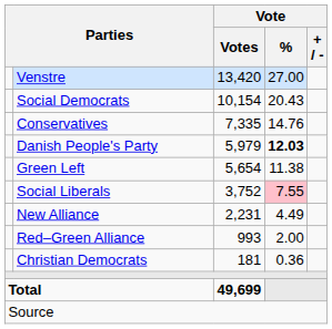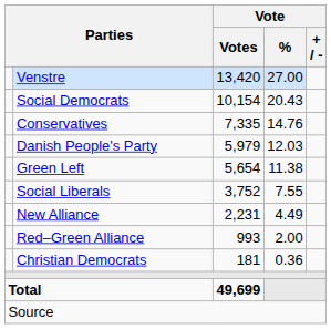 <table class="wikitable" style="text-align:right;">
 <tr>
 <th style="text-align:centre;" rowspan="2" colspan="2" width="225">Parties</th>
 <th colspan="3">Vote</th>
 </tr>
 <tr>
 <th width="15">Votes</th>
 <th width="15">%</th>
 <th width="15">+ / -</th>
 </tr>
 <tr>
 <td width="2" style="color:inherit;background:"></td>
 <td bgcolor=#cfe5fe  align="left"><a href='#'>Venstre</a></td>
 <td bgcolor=#cfe5fe>13,420</td>
 <td bgcolor=#cfe5fe>27.00</td>
 <td></td>
 </tr>
 <tr>
 <td width="2" style="color:inherit;background:"></td>
 <td align="left"><a href='#'>Social Democrats</a></td>
 <td>10,154</td>
 <td>20.43</td>
 <td></td>
 </tr>
 <tr>
 <td width="2" style="color:inherit;background:"></td>
 <td align="left"><a href='#'>Conservatives</a></td>
 <td>7,335</td>
 <td>14.76</td>
 <td></td>
 </tr>
 <tr>
 <td width="2" style="color:inherit;background:"></td>
 <td align="left"><a href='#'>Danish People's Party</a></td>
 <td>5,979</td>
-<td><strong>12.03</strong></td>
+<td>12.03</td>
 <td></td>
 </tr>
 <tr>
 <td width="2" style="color:inherit;background:"></td>
 <td align="left"><a href='#'>Green Left</a></td>
 <td>5,654</td>
 <td>11.38</td>
 <td></td>
 </tr>
 <tr>
 <td width="2" style="color:inherit;background:"></td>
 <td align="left"><a href='#'>Social Liberals</a></td>
 <td>3,752</td>
-<td style="background: pink;">7.55</td>
+<td>7.55</td>
 <td></td>
 </tr>
 <tr>
 <td width="2" style="color:inherit;background:"></td>
 <td align="left"><a href='#'>New Alliance</a></td>
 <td>2,231</td>
 <td>4.49</td>
 <td></td>
 </tr>
 <tr>
 <td width="2" style="color:inherit;background:"></td>
 <td align="left"><a href='#'>Red–Green Alliance</a></td>
 <td>993</td>
 <td>2.00</td>
 <td></td>
 </tr>
 <tr>
 <td width="2" style="color:inherit;background:"></td>
 <td align="left"><a href='#'>Christian Democrats</a></td>
 <td>181</td>
 <td>0.36</td>
 <td></td>
 </tr>
 <tr>
 <td colspan="7" bgcolor="#E9E9E9"></td>
 </tr>
 <tr>
 <td align="left" colspan="2"><strong>Total</strong></td>
 <td><strong>49,699</strong></td>
 <td bgcolor="#E9E9E9" colspan="2"></td>
 </tr>
 <tr>
 <td align="left" colspan="6">Source</td>
 </tr>
 </table>
